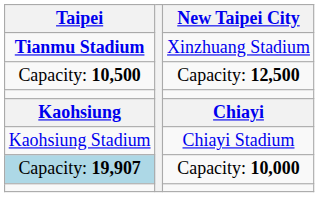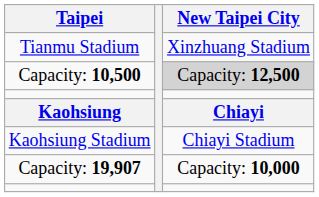 <table class="wikitable" style="text-align:center">
 <tr>
 <th><strong><a href='#'>Taipei</a></strong></th>
 <th rowspan="8"></th>
 <th><strong><a href='#'>New Taipei City</a></strong></th>
 </tr>
 <tr>
-<td><strong><a href='#'>Tianmu Stadium</a></strong></td>
+<td><a href='#'>Tianmu Stadium</a></td>
 <td><a href='#'>Xinzhuang Stadium</a></td>
 </tr>
 <tr>
 <td>Capacity: <strong>10,500</strong></td>
-<td>Capacity: <strong>12,500</strong></td>
+<td style="background: lightgrey;">Capacity: <strong>12,500</strong></td>
 </tr>
 <tr>
 <td></td>
 <td></td>
 </tr>
 <tr>
 <th><strong><a href='#'>Kaohsiung</a></strong></th>
 <th><strong><a href='#'>Chiayi</a></strong></th>
 </tr>
 <tr>
 <td><a href='#'>Kaohsiung Stadium</a></td>
 <td><a href='#'>Chiayi Stadium</a></td>
 </tr>
 <tr>
-<td style="background: lightblue;">Capacity: <strong>19,907</strong></td>
+<td>Capacity: <strong>19,907</strong></td>
 <td>Capacity: <strong>10,000</strong></td>
 </tr>
 <tr>
 <td></td>
 <td></td>
 </tr>
 </table>
